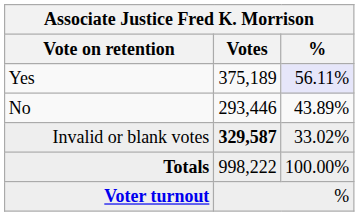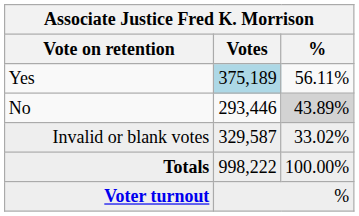 <table class="wikitable" style="font-size: 95%;">
 <tr style="background-color:#E9E9E9">
 <th colspan=7>Associate Justice Fred K. Morrison</th>
 </tr>
 <tr style="background-color:#E9E9E9">
 <th style="width: 170px">Vote on retention</th>
 <th style="width: 50px">Votes</th>
 <th style="width: 40px">%</th>
 </tr>
 <tr>
 <td>Yes</td>
-<td align="right">375,189</td>
-<td align="right" style="background: lavender;">56.11%</td>
+<td align="right" style="background: lightblue;">375,189</td>
+<td align="right">56.11%</td>
 </tr>
 <tr>
 <td>No</td>
 <td align="right">293,446</td>
-<td align="right">43.89%</td>
+<td align="right" style="background: lightgrey;">43.89%</td>
 </tr>
 <tr style="background-color:#EEEEEE">
 <td align="right">Invalid or blank votes</td>
-<td align="right"><strong>329,587</strong></td>
+<td align="right">329,587</td>
 <td align="right">33.02%</td>
 </tr>
 <tr style="background-color:#EEEEEE">
 <td colspan="1" align="right"><strong>Totals</strong></td>
 <td align="right">998,222</td>
 <td align="right">100.00%</td>
 </tr>
 <tr style="background-color:#EEEEEE">
 <td align="right"><strong><a href='#'>Voter turnout</a></strong></td>
 <td colspan="2" align="right">%</td>
 </tr>
 </table>
